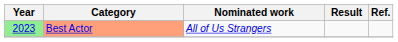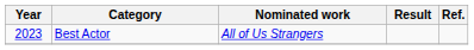 <table class=wikitable>
 <tr>
 <th scope= ="col" style="width:5em;">Year</th>
 <th scope="col" style="width:26em;">Category</th>
 <th scope="col" style="width:25em;">Nominated work</th>
 <th scope="col" style="width:5em;">Result</th>
 <th>Ref.</th>
 </tr>
 <tr>
-<td style="background: lightgreen; text-align:center;"><a href='#'>2023</a></td>
-<td style="background: lightsalmon;"><a href='#'>Best Actor</a></td>
+<td style="text-align:center;"><a href='#'>2023</a></td>
+<td><a href='#'>Best Actor</a></td>
 <td><em><a href='#'>All of Us Strangers</a></em></td>
 <td></td>
 <td></td>
 </tr>
 <tr>
 </tr>
 </table>
